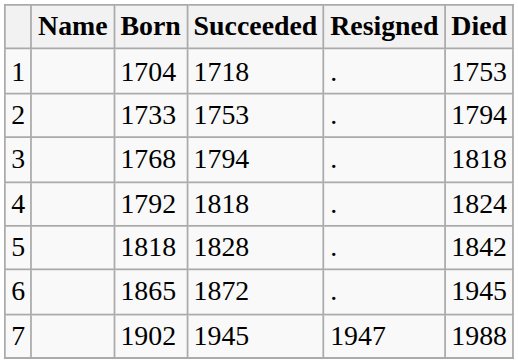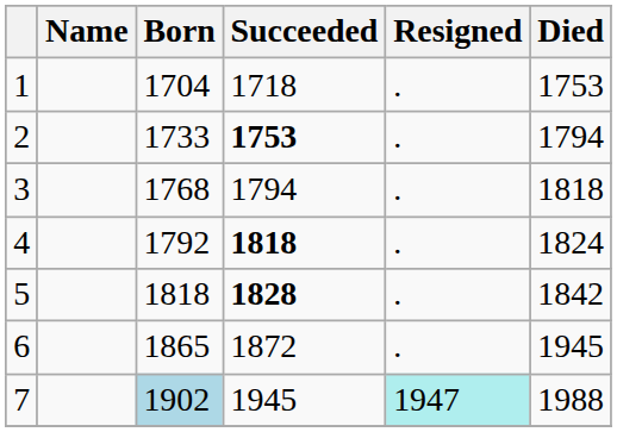 <table class=wikitable>
 <tr>
 <th></th>
 <th>Name</th>
 <th>Born</th>
 <th>Succeeded</th>
 <th>Resigned</th>
 <th>Died</th>
 </tr>
 <tr>
 <td>1</td>
 <td></td>
 <td>1704</td>
 <td>1718</td>
 <td>.</td>
 <td>1753</td>
 </tr>
 <tr>
 <td>2</td>
 <td></td>
 <td>1733</td>
-<td>1753</td>
+<td><strong>1753</strong></td>
 <td>.</td>
 <td>1794</td>
 </tr>
 <tr>
 <td>3</td>
 <td></td>
 <td>1768</td>
 <td>1794</td>
 <td>.</td>
 <td>1818</td>
 </tr>
 <tr>
 <td>4</td>
 <td></td>
 <td>1792</td>
-<td>1818</td>
+<td><strong>1818</strong></td>
 <td>.</td>
 <td>1824</td>
 </tr>
 <tr>
 <td>5</td>
 <td></td>
 <td>1818</td>
-<td>1828</td>
+<td><strong>1828</strong></td>
 <td>.</td>
 <td>1842</td>
 </tr>
 <tr>
 <td>6</td>
 <td></td>
 <td>1865</td>
 <td>1872</td>
 <td>.</td>
 <td>1945</td>
 </tr>
 <tr>
 <td>7</td>
 <td></td>
-<td>1902</td>
+<td style="background: lightblue;">1902</td>
 <td>1945</td>
-<td>1947</td>
+<td style="background: paleturquoise;">1947</td>
 <td>1988</td>
 </tr>
 <tr>
 </tr>
 </table>
